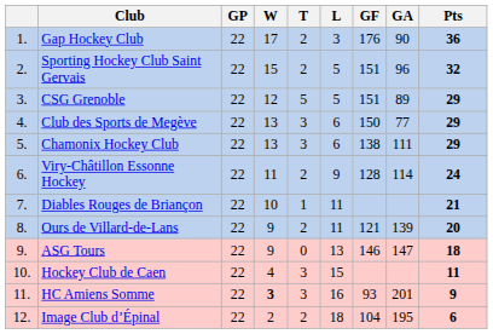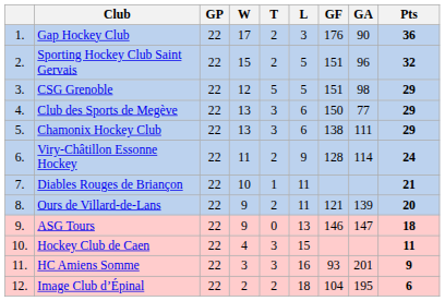 <table class="wikitable">
 <tr>
 <th width="30"></th>
 <th width="200">Club</th>
 <th width="30">GP</th>
 <th width="30">W</th>
 <th width="30">T</th>
 <th width="30">L</th>
 <th width="30">GF</th>
 <th width="30">GA</th>
 <th width="70">Pts</th>
 </tr>
 <tr bgcolor="#BCD2EE" align="center">
 <td>1.</td>
 <td align="left"><a href='#'>Gap Hockey Club</a></td>
 <td>22</td>
 <td>17</td>
 <td>2</td>
 <td>3</td>
 <td>176</td>
 <td>90</td>
 <td><strong>36</strong></td>
 </tr>
 <tr bgcolor="#BCD2EE" align="center">
 <td>2.</td>
 <td align="left"><a href='#'>Sporting Hockey Club Saint Gervais</a></td>
 <td>22</td>
 <td>15</td>
 <td>2</td>
 <td>5</td>
 <td>151</td>
 <td>96</td>
 <td><strong>32</strong></td>
 </tr>
 <tr bgcolor="#BCD2EE" align="center">
 <td>3.</td>
 <td align="left"><a href='#'>CSG Grenoble</a></td>
 <td>22</td>
 <td>12</td>
 <td>5</td>
 <td>5</td>
 <td>151</td>
-<td>89</td>
+<td>98</td>
 <td><strong>29</strong></td>
 </tr>
 <tr bgcolor="#BCD2EE" align="center">
 <td>4.</td>
 <td align="left"><a href='#'>Club des Sports de Megève</a></td>
 <td>22</td>
 <td>13</td>
 <td>3</td>
 <td>6</td>
 <td>150</td>
 <td>77</td>
 <td><strong>29</strong></td>
 </tr>
 <tr bgcolor="#BCD2EE" align="center">
 <td>5.</td>
 <td align="left"><a href='#'>Chamonix Hockey Club</a></td>
 <td>22</td>
 <td>13</td>
 <td>3</td>
 <td>6</td>
 <td>138</td>
 <td>111</td>
 <td><strong>29</strong></td>
 </tr>
 <tr bgcolor="#BCD2EE" align="center">
 <td>6.</td>
 <td align="left"><a href='#'>Viry-Châtillon Essonne Hockey&lrm;</a></td>
 <td>22</td>
 <td>11</td>
 <td>2</td>
 <td>9</td>
 <td>128</td>
 <td>114</td>
 <td><strong>24</strong></td>
 </tr>
 <tr bgcolor="#BCD2EE" align="center">
 <td>7.</td>
 <td align="left"><a href='#'>Diables Rouges de Briançon</a></td>
 <td>22</td>
 <td>10</td>
 <td>1</td>
 <td>11</td>
 <td></td>
 <td></td>
 <td><strong>21</strong></td>
 </tr>
 <tr bgcolor="#BCD2EE" align="center">
 <td>8.</td>
 <td align="left"><a href='#'>Ours de Villard-de-Lans</a></td>
 <td>22</td>
 <td>9</td>
 <td>2</td>
 <td>11</td>
 <td>121</td>
 <td>139</td>
 <td><strong>20</strong></td>
 </tr>
 <tr bgcolor="#FFCCCC" align="center">
 <td>9.</td>
 <td align="left"><a href='#'>ASG Tours</a></td>
 <td>22</td>
 <td>9</td>
 <td>0</td>
 <td>13</td>
 <td>146</td>
 <td>147</td>
 <td><strong>18</strong></td>
 </tr>
 <tr bgcolor="#FFCCCC" align="center">
 <td>10.</td>
 <td align="left"><a href='#'>Hockey Club de Caen</a></td>
 <td>22</td>
 <td>4</td>
 <td>3</td>
 <td>15</td>
 <td></td>
 <td></td>
 <td><strong>11</strong></td>
 </tr>
 <tr bgcolor="#FFCCCC" align="center">
 <td>11.</td>
 <td align="left"><a href='#'>HC Amiens Somme</a></td>
 <td>22</td>
-<td><strong>3</strong></td>
+<td>3</td>
 <td>3</td>
 <td>16</td>
 <td>93</td>
 <td>201</td>
 <td><strong>9</strong></td>
 </tr>
 <tr bgcolor="#FFCCCC" align="center">
 <td>12.</td>
 <td align="left"><a href='#'>Image Club d’Épinal</a></td>
 <td>22</td>
 <td>2</td>
 <td>2</td>
 <td>18</td>
 <td>104</td>
 <td>195</td>
 <td><strong>6</strong></td>
 </tr>
 </table>
